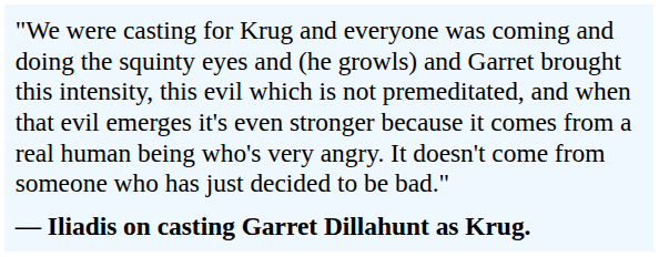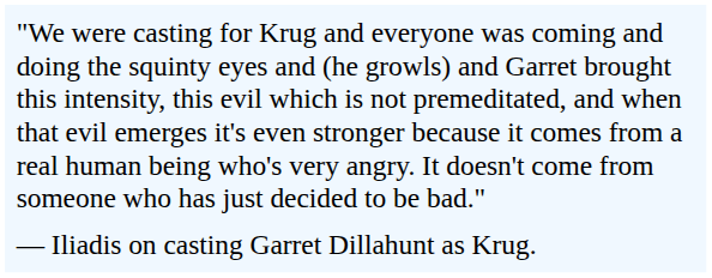 <table class="toccolours" style="float: left; margin-left: 1em; margin-right: 2em; font-size: 95%; background:#F0F8FF; color:black; width:25em; max-width: 40%;" cellspacing="5">
 <tr>
 <td style="text-align: left;">"We were casting for Krug and everyone was coming and doing the squinty eyes and (he growls) and Garret brought this intensity, this evil which is not premeditated, and when that evil emerges it's even stronger because it comes from a real human being who's very angry. It doesn't come from someone who has just decided to be bad."</td>
 </tr>
 <tr>
-<td style="text-align: left;"><strong>— Iliadis on casting Garret Dillahunt as Krug.</strong></td>
+<td style="text-align: left;">— Iliadis on casting Garret Dillahunt as Krug.</td>
 </tr>
 </table>
